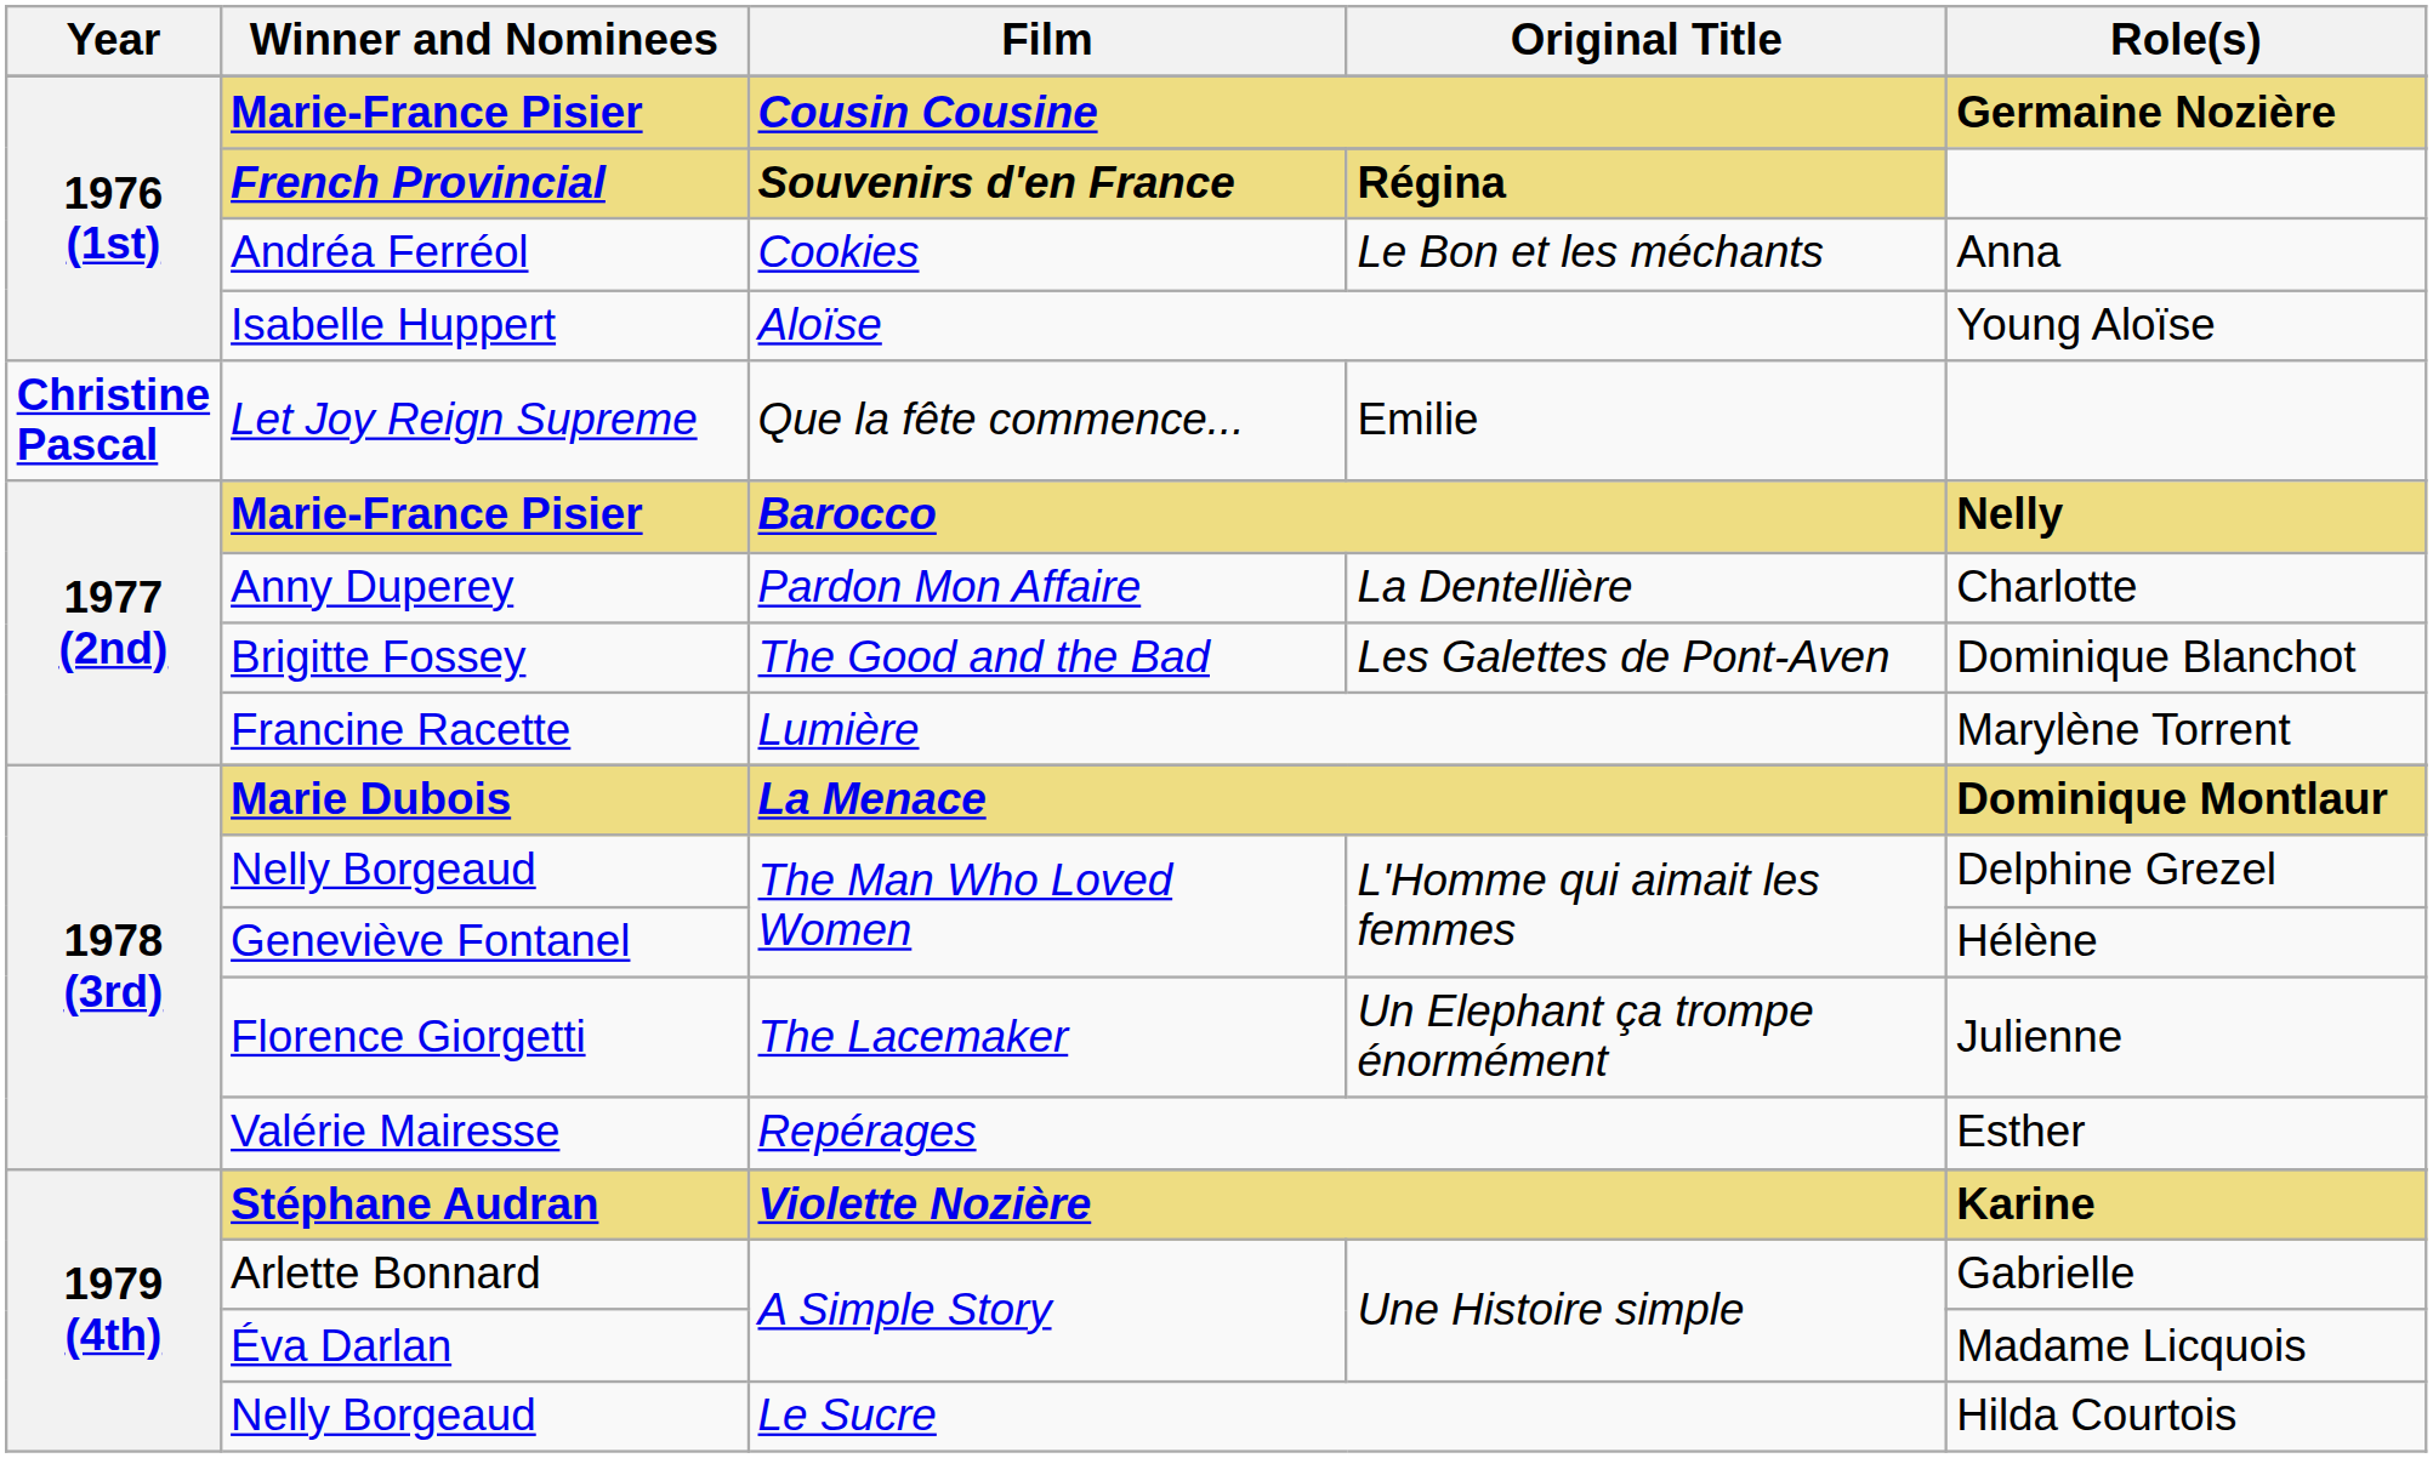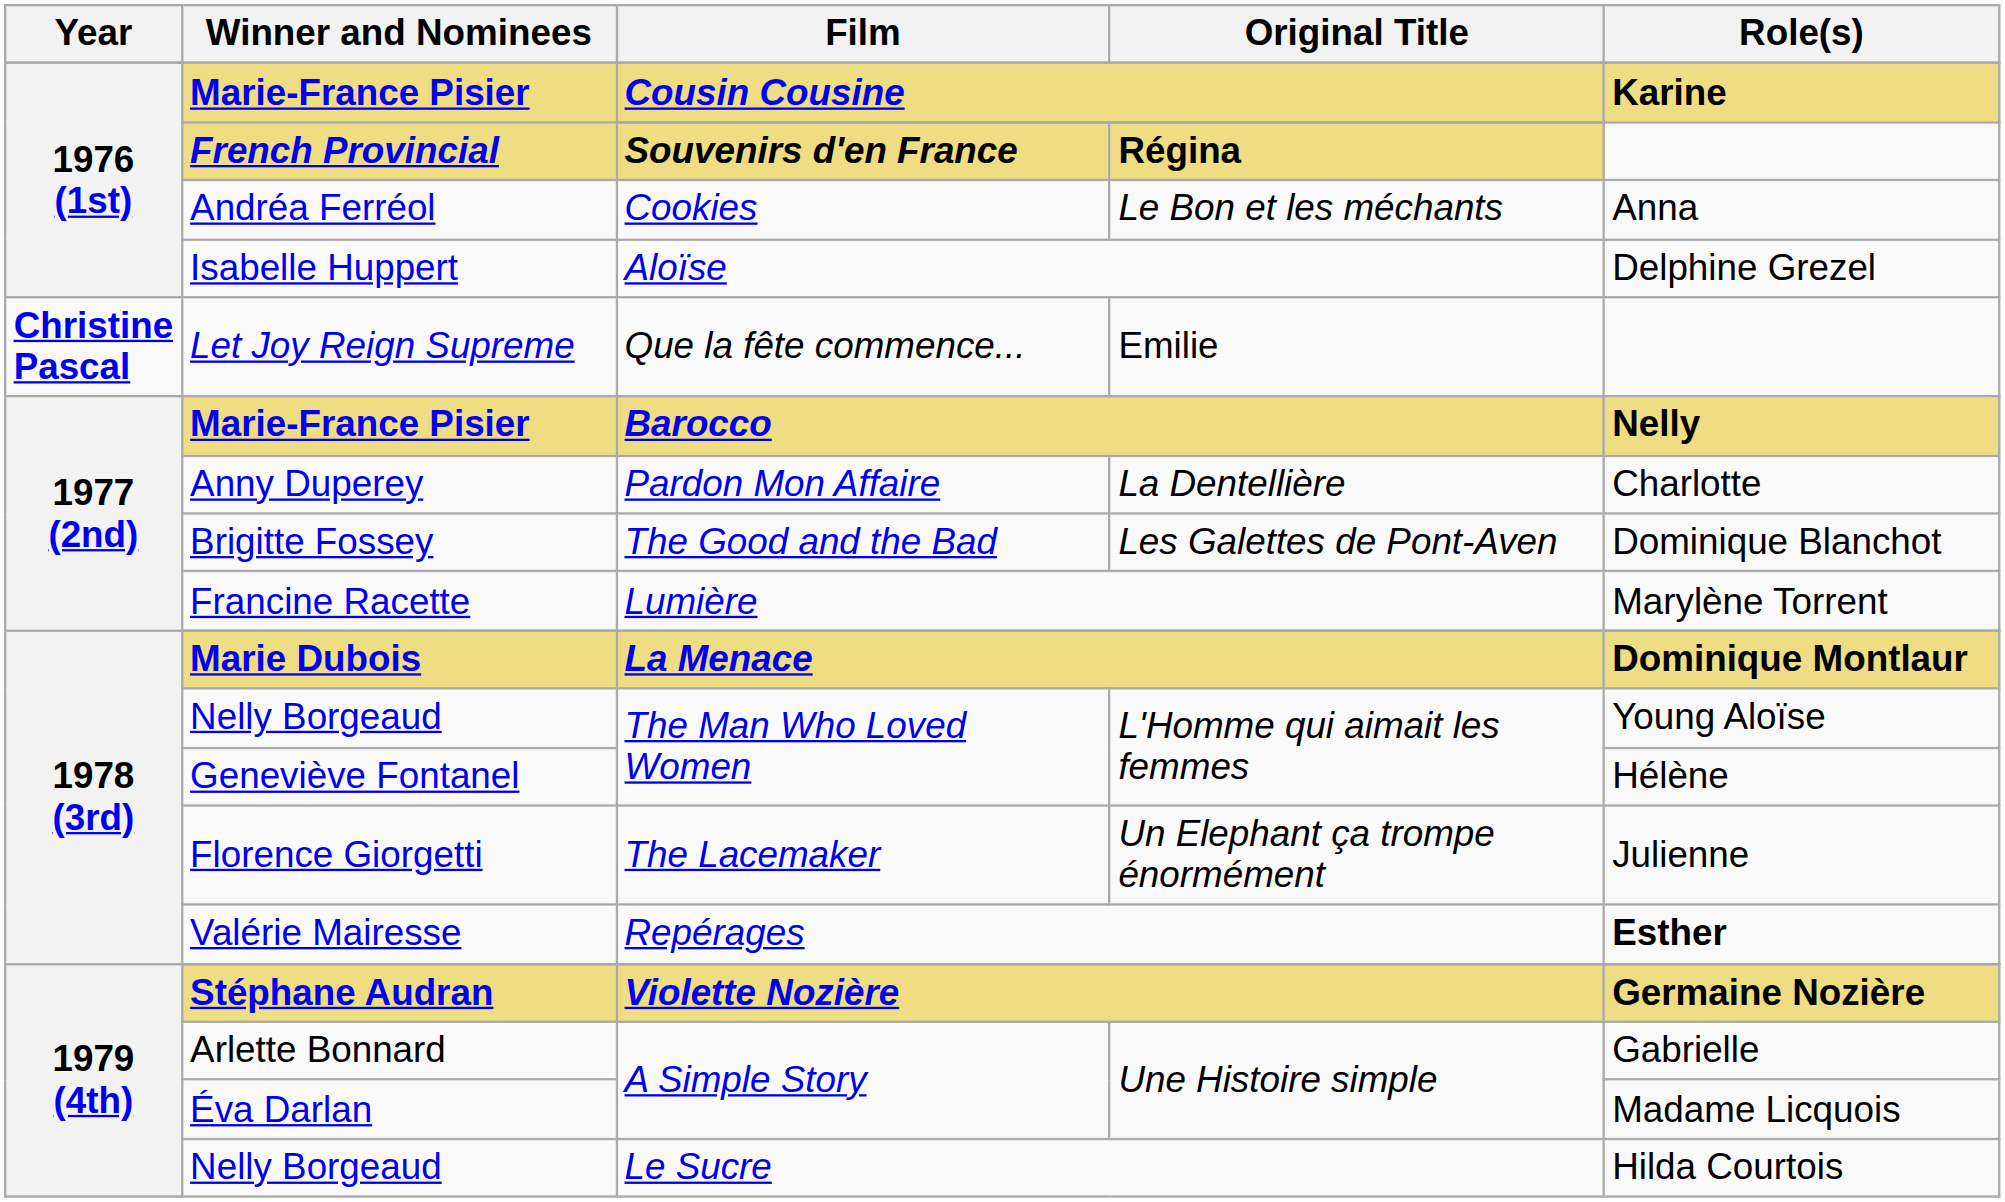 <table class="wikitable">
 <tr>
 <th width="8%">Year</th>
 <th width="22%">Winner and Nominees</th>
 <th width="25%">Film</th>
 <th width="25%">Original Title</th>
 <th width="20%">Role(s)</th>
 </tr>
 <tr>
 </tr>
 <tr>
 <th rowspan="6" style="text-align:center">1976<br><a href='#'>(1st)</a></th>
 </tr>
 <tr style="background:#eedd82;">
 <td rowspan=2><strong><a href='#'>Marie-France Pisier</a></strong></td>
 <td colspan=2><strong><em><a href='#'>Cousin Cousine</a></em></strong></td>
-<td><strong>Germaine Nozière</strong></td>
+<td><strong>Karine</strong></td>
 </tr>
 <tr>
 </tr>
 <tr style="background:#eedd82;">
 <td><strong><em><a href='#'>French Provincial</a></em></strong></td>
 <td><strong><em>Souvenirs d'en France</em></strong></td>
 <td><strong>Régina</strong></td>
 </tr>
 <tr>
 <td><a href='#'>Andréa Ferréol</a></td>
 <td><em><a href='#'>Cookies</a></em></td>
 <td><em>Le Bon et les méchants</em></td>
 <td>Anna</td>
 </tr>
 <tr>
 <td><a href='#'>Isabelle Huppert</a></td>
 <td colspan=2><em><a href='#'>Aloïse</a></em></td>
-<td>Young Aloïse</td>
+<td>Delphine Grezel</td>
 </tr>
 <tr>
 <td><strong><a href='#'>Christine Pascal</a></strong></td>
 <td><em><a href='#'>Let Joy Reign Supreme</a></em></td>
 <td><em>Que la fête commence...</em></td>
 <td>Emilie</td>
 </tr>
 <tr>
 <th rowspan="5" style="text-align:center">1977<br><a href='#'>(2nd)</a></th>
 </tr>
 <tr style="background:#eedd82;">
 <td><strong><a href='#'>Marie-France Pisier</a></strong></td>
 <td colspan="2"><strong><em><a href='#'>Barocco</a></em></strong></td>
 <td><strong>Nelly</strong></td>
 </tr>
 <tr>
 <td><a href='#'>Anny Duperey</a></td>
 <td><em><a href='#'>Pardon Mon Affaire</a></em></td>
 <td><em>La Dentellière</em></td>
 <td>Charlotte</td>
 </tr>
 <tr>
 <td><a href='#'>Brigitte Fossey</a></td>
 <td><em><a href='#'>The Good and the Bad</a></em></td>
 <td><em>Les Galettes de Pont-Aven</em></td>
 <td>Dominique Blanchot</td>
 </tr>
 <tr>
 <td><a href='#'>Francine Racette</a></td>
 <td colspan="2"><em><a href='#'>Lumière</a></em></td>
 <td>Marylène Torrent</td>
 </tr>
 <tr>
 <th rowspan="6" style="text-align:center">1978<br><a href='#'>(3rd)</a></th>
 </tr>
 <tr style="background:#eedd82;">
 <td><strong><a href='#'>Marie Dubois</a></strong></td>
 <td colspan=2><strong><em><a href='#'>La Menace</a></em></strong></td>
 <td><strong>Dominique Montlaur</strong></td>
 </tr>
 <tr>
 <td><a href='#'>Nelly Borgeaud</a></td>
 <td rowspan="2"><em><a href='#'>The Man Who Loved Women</a></em></td>
 <td rowspan="2"><em>L'Homme qui aimait les femmes</em></td>
-<td>Delphine Grezel</td>
+<td>Young Aloïse</td>
 </tr>
 <tr>
 <td><a href='#'>Geneviève Fontanel</a></td>
 <td>Hélène</td>
 </tr>
 <tr>
 <td><a href='#'>Florence Giorgetti</a></td>
 <td><em><a href='#'>The Lacemaker</a></em></td>
 <td><em>Un Elephant ça trompe énormément</em></td>
 <td>Julienne</td>
 </tr>
 <tr>
 <td><a href='#'>Valérie Mairesse</a></td>
 <td colspan="2"><em><a href='#'>Repérages</a></em></td>
-<td>Esther</td>
+<td><strong>Esther</strong></td>
 </tr>
 <tr>
 <th rowspan="5" style="text-align:center">1979<br><a href='#'>(4th)</a></th>
 </tr>
 <tr style="background:#eedd82;">
 <td><strong><a href='#'>Stéphane Audran</a></strong></td>
 <td colspan="2"><strong><em><a href='#'>Violette Nozière</a></em></strong></td>
-<td><strong>Karine</strong></td>
+<td><strong>Germaine Nozière</strong></td>
 </tr>
 <tr>
 <td>Arlette Bonnard</td>
 <td rowspan="2"><em><a href='#'>A Simple Story</a></em></td>
 <td rowspan="2"><em>Une Histoire simple</em></td>
 <td>Gabrielle</td>
 </tr>
 <tr>
 <td><a href='#'>Éva Darlan</a></td>
 <td>Madame Licquois</td>
 </tr>
 <tr>
 <td><a href='#'>Nelly Borgeaud</a></td>
 <td colspan=2><em><a href='#'>Le Sucre</a></em></td>
 <td>Hilda Courtois</td>
 </tr>
 </table>
